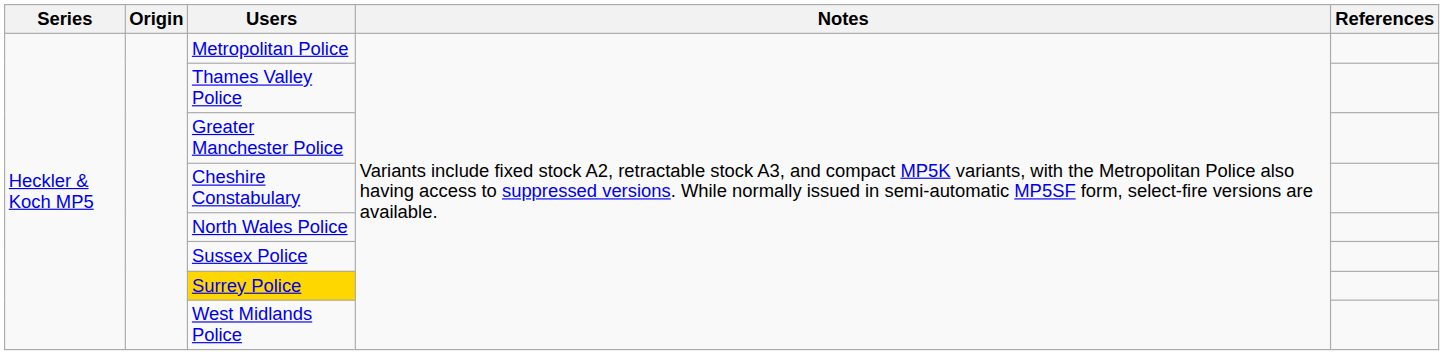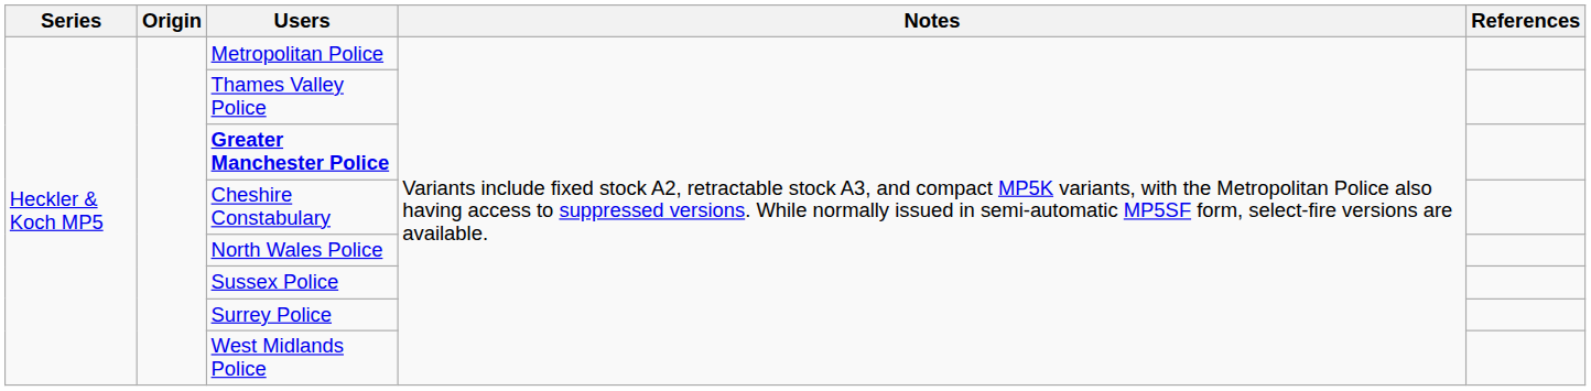 <table class="wikitable">
 <tr>
 <th>Series</th>
 <th>Origin</th>
 <th>Users</th>
 <th>Notes</th>
 <th>References</th>
 </tr>
 <tr>
 <td rowspan="8"><a href='#'>Heckler & Koch MP5</a></td>
 <td rowspan="8"></td>
 <td><a href='#'>Metropolitan Police</a></td>
 <td rowspan="8">Variants include fixed stock A2, retractable stock A3, and compact <a href='#'>MP5K</a> variants, with the Metropolitan Police also having access to <a href='#'>suppressed versions</a>. While normally issued in semi-automatic <a href='#'>MP5SF</a> form, select-fire versions are available.</td>
 <td></td>
 </tr>
 <tr>
 <td><a href='#'>Thames Valley Police</a></td>
 <td></td>
 </tr>
 <tr>
-<td><a href='#'>Greater Manchester Police</a></td>
+<td><strong><a href='#'>Greater Manchester Police</a></strong></td>
 <td></td>
 </tr>
 <tr>
 <td><a href='#'>Cheshire Constabulary</a></td>
 <td></td>
 </tr>
 <tr>
 <td><a href='#'>North Wales Police</a></td>
 <td></td>
 </tr>
 <tr>
 <td><a href='#'>Sussex Police</a></td>
 <td></td>
 </tr>
 <tr>
-<td style="background: gold;"><a href='#'>Surrey Police</a></td>
+<td><a href='#'>Surrey Police</a></td>
 <td></td>
 </tr>
 <tr>
 <td><a href='#'>West Midlands Police</a></td>
 <td></td>
 </tr>
 </table>
